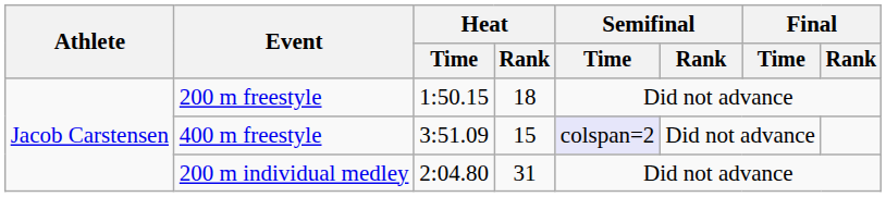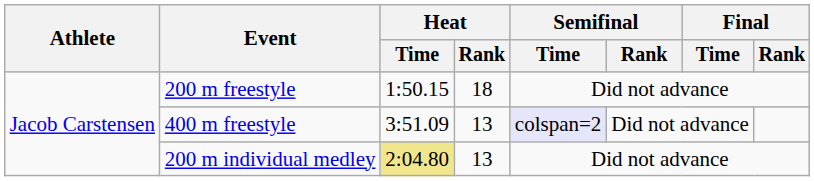 <table class=wikitable style="font-size:90%">
 <tr>
 <th rowspan="2">Athlete</th>
 <th rowspan="2">Event</th>
 <th colspan="2">Heat</th>
 <th colspan="2">Semifinal</th>
 <th colspan="2">Final</th>
 </tr>
 <tr style="font-size:95%">
 <th>Time</th>
 <th>Rank</th>
 <th>Time</th>
 <th>Rank</th>
 <th>Time</th>
 <th>Rank</th>
 </tr>
 <tr align=center>
 <td align=left rowspan=3><a href='#'>Jacob Carstensen</a></td>
 <td align=left><a href='#'>200 m freestyle</a></td>
 <td>1:50.15</td>
 <td>18</td>
 <td colspan=4>Did not advance</td>
 </tr>
 <tr align=center>
 <td align=left><a href='#'>400 m freestyle</a></td>
 <td>3:51.09</td>
-<td>15</td>
+<td>13</td>
 <td style="background: lavender;">colspan=2 </td>
 <td colspan=2>Did not advance</td>
 </tr>
 <tr align=center>
 <td align=left><a href='#'>200 m individual medley</a></td>
-<td>2:04.80</td>
-<td>31</td>
+<td style="background: khaki;">2:04.80</td>
+<td>13</td>
 <td colspan=4>Did not advance</td>
 </tr>
 </table>
